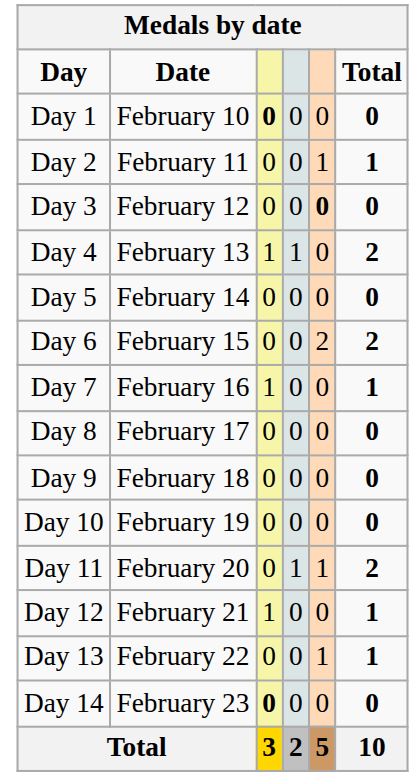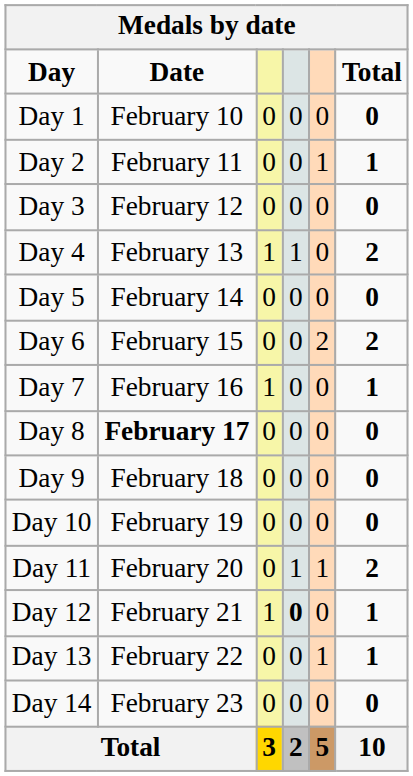 <table class=wikitable style=font-size:85%;float:right>
 <tr bgcolor=EFEFEF>
 <th colspan=6>Medals by date</th>
 </tr>
 <tr align=center>
 <td><strong>Day</strong></td>
 <td><strong>Date</strong></td>
 <td bgcolor=F7F6A8></td>
 <td bgcolor=DCE5E5></td>
 <td bgcolor=FFDAB9></td>
 <td><strong>Total</strong></td>
 </tr>
 <tr align=center>
 <td>Day 1</td>
 <td>February 10</td>
-<td bgcolor=F7F6A8><strong>0</strong></td>
+<td bgcolor=F7F6A8>0</td>
 <td bgcolor=DCE5E5>0</td>
 <td bgcolor=FFDAB9>0</td>
 <td><strong>0</strong></td>
 </tr>
 <tr align=center>
 <td>Day 2</td>
 <td>February 11</td>
 <td bgcolor=F7F6A8>0</td>
 <td bgcolor=DCE5E5>0</td>
 <td bgcolor=FFDAB9>1</td>
 <td><strong>1</strong></td>
 </tr>
 <tr align=center>
 <td>Day 3</td>
 <td>February 12</td>
 <td bgcolor=F7F6A8>0</td>
 <td bgcolor=DCE5E5>0</td>
-<td bgcolor=FFDAB9><strong>0</strong></td>
+<td bgcolor=FFDAB9>0</td>
 <td><strong>0</strong></td>
 </tr>
 <tr align=center>
 <td>Day 4</td>
 <td>February 13</td>
 <td bgcolor=F7F6A8>1</td>
 <td bgcolor=DCE5E5>1</td>
 <td bgcolor=FFDAB9>0</td>
 <td><strong>2</strong></td>
 </tr>
 <tr align=center>
 <td>Day 5</td>
 <td>February 14</td>
 <td bgcolor=F7F6A8>0</td>
 <td bgcolor=DCE5E5>0</td>
 <td bgcolor=FFDAB9>0</td>
 <td><strong>0</strong></td>
 </tr>
 <tr align=center>
 <td>Day 6</td>
 <td>February 15</td>
 <td bgcolor=F7F6A8>0</td>
 <td bgcolor=DCE5E5>0</td>
 <td bgcolor=FFDAB9>2</td>
 <td><strong>2</strong></td>
 </tr>
 <tr align=center>
 <td>Day 7</td>
 <td>February 16</td>
 <td bgcolor=F7F6A8>1</td>
 <td bgcolor=DCE5E5>0</td>
 <td bgcolor=FFDAB9>0</td>
 <td><strong>1</strong></td>
 </tr>
 <tr align=center>
 <td>Day 8</td>
-<td>February 17</td>
+<td><strong>February 17</strong></td>
 <td bgcolor=F7F6A8>0</td>
 <td bgcolor=DCE5E5>0</td>
 <td bgcolor=FFDAB9>0</td>
 <td><strong>0</strong></td>
 </tr>
 <tr align=center>
 <td>Day 9</td>
 <td>February 18</td>
 <td bgcolor=F7F6A8>0</td>
 <td bgcolor=DCE5E5>0</td>
 <td bgcolor=FFDAB9>0</td>
 <td><strong>0</strong></td>
 </tr>
 <tr align=center>
 <td>Day 10</td>
 <td>February 19</td>
 <td bgcolor=F7F6A8>0</td>
 <td bgcolor=DCE5E5>0</td>
 <td bgcolor=FFDAB9>0</td>
 <td><strong>0</strong></td>
 </tr>
 <tr align=center>
 <td>Day 11</td>
 <td>February 20</td>
 <td bgcolor=F7F6A8>0</td>
 <td bgcolor=DCE5E5>1</td>
 <td bgcolor=FFDAB9>1</td>
 <td><strong>2</strong></td>
 </tr>
 <tr align=center>
 <td>Day 12</td>
 <td>February 21</td>
 <td bgcolor=F7F6A8>1</td>
-<td bgcolor=DCE5E5>0</td>
+<td bgcolor=DCE5E5><strong>0</strong></td>
 <td bgcolor=FFDAB9>0</td>
 <td><strong>1</strong></td>
 </tr>
 <tr align=center>
 <td>Day 13</td>
 <td>February 22</td>
 <td bgcolor=F7F6A8>0</td>
 <td bgcolor=DCE5E5>0</td>
 <td bgcolor=FFDAB9>1</td>
 <td><strong>1</strong></td>
 </tr>
 <tr align=center>
 <td>Day 14</td>
 <td>February 23</td>
-<td bgcolor=F7F6A8><strong>0</strong></td>
+<td bgcolor=F7F6A8>0</td>
 <td bgcolor=DCE5E5>0</td>
 <td bgcolor=FFDAB9>0</td>
 <td><strong>0</strong><br></td>
 </tr>
 <tr>
 <th colspan=2>Total</th>
 <th style="background:gold">3</th>
 <th style="background:silver">2</th>
 <th style="background:#c96">5</th>
 <th>10</th>
 </tr>
 </table>
